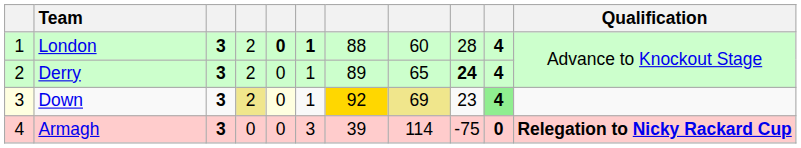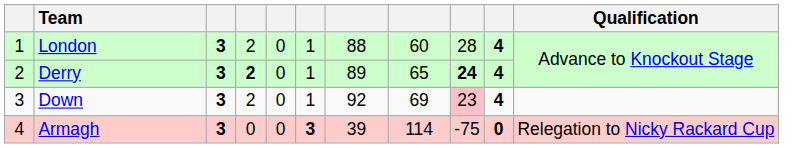 <table class="wikitable" style="text-align:center">
 <tr>
 <th width="20"></th>
 <th width="150" style="text-align:left;">Team</th>
 <th width="20"></th>
 <th width="20"></th>
 <th width="20"></th>
 <th width="20"></th>
 <th width="50"></th>
 <th width="50"></th>
 <th width="20"></th>
 <th width="20"></th>
 <th>Qualification</th>
 </tr>
 <tr style="background:#ccffcc">
 <td>1</td>
 <td align="left"> <a href='#'>London</a></td>
 <td><strong>3</strong></td>
 <td>2</td>
-<td><strong>0</strong></td>
-<td><strong>1</strong></td>
+<td>0</td>
+<td>1</td>
 <td>88</td>
 <td>60</td>
 <td>28</td>
 <td><strong>4</strong></td>
 <td rowspan="2">Advance to <a href='#'>Knockout Stage</a></td>
 </tr>
 <tr style="background:#ccffcc">
 <td>2</td>
 <td align="left"><a href='#'>Derry</a></td>
 <td><strong>3</strong></td>
-<td>2</td>
+<td><strong>2</strong></td>
 <td>0</td>
 <td>1</td>
 <td>89</td>
 <td>65</td>
 <td><strong>24</strong></td>
 <td><strong>4</strong></td>
 </tr>
 <tr>
-<td style="background: lightyellow;">3</td>
+<td>3</td>
 <td align="left"> <a href='#'>Down</a></td>
 <td><strong>3</strong></td>
-<td style="background: khaki;">2</td>
-<td style="background: lightyellow;">0</td>
+<td>2</td>
+<td>0</td>
 <td>1</td>
-<td style="background: gold;">92</td>
-<td style="background: khaki;">69</td>
-<td>23</td>
-<td style="background: lightgreen;"><strong>4</strong></td>
+<td>92</td>
+<td>69</td>
+<td style="background: pink;">23</td>
+<td><strong>4</strong></td>
 <td></td>
 </tr>
 <tr style="background:#ffcccc">
 <td>4</td>
 <td align="left"> <a href='#'>Armagh</a></td>
 <td><strong>3</strong></td>
 <td>0</td>
 <td>0</td>
-<td>3</td>
+<td><strong>3</strong></td>
 <td>39</td>
 <td>114</td>
 <td>-75</td>
 <td><strong>0</strong></td>
-<td><strong>Relegation to <a href='#'>Nicky Rackard Cup</a></strong></td>
+<td>Relegation to <a href='#'>Nicky Rackard Cup</a></td>
 </tr>
 </table>
